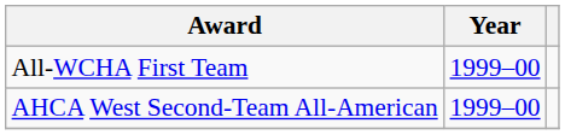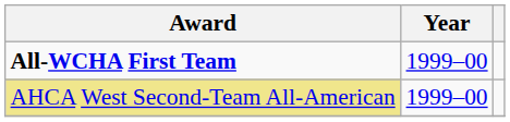 <table class="wikitable">
 <tr>
 <th>Award</th>
 <th>Year</th>
 <th></th>
 </tr>
 <tr>
-<td>All-<a href='#'>WCHA</a> <a href='#'>First Team</a></td>
+<td><strong>All-<a href='#'>WCHA</a> <a href='#'>First Team</a></strong></td>
 <td><a href='#'>1999–00</a></td>
 <td></td>
 </tr>
 <tr>
-<td><a href='#'>AHCA</a> <a href='#'>West Second-Team All-American</a></td>
+<td style="background: khaki;"><a href='#'>AHCA</a> <a href='#'>West Second-Team All-American</a></td>
 <td><a href='#'>1999–00</a></td>
 <td></td>
 </tr>
 <tr>
 </tr>
 </table>
